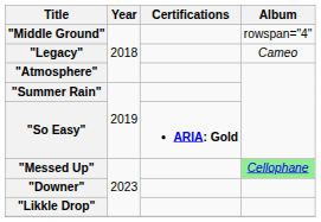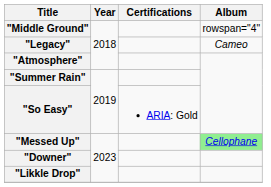 <table class="wikitable plainrowheaders" style="text-align:center;">
 <tr>
 <th>Title</th>
 <th>Year</th>
 <th>Certifications</th>
 <th>Album</th>
 </tr>
 <tr>
 <th scope="row">"Middle Ground"<br></th>
 <td rowspan="3">2018</td>
 <td></td>
 <td>rowspan="4" </td>
 </tr>
 <tr>
 <th scope="row">"Legacy"<br></th>
 <td></td>
 <td><em>Cameo</em></td>
 </tr>
 <tr>
 <th scope="row">"Atmosphere"<br></th>
 <td></td>
 </tr>
 <tr>
 <th scope="row">"Summer Rain"<br></th>
 <td rowspan="2">2019</td>
 <td></td>
 </tr>
 <tr>
 <th scope="row">"So Easy"<br></th>
-<td><strong><br><ul><li><a href='#'>ARIA</a>: Gold</li></ul></strong></td>
+<td><br><ul><li><a href='#'>ARIA</a>: Gold</li></ul></td>
 </tr>
 <tr>
 <th scope="row">"Messed Up"<br></th>
 <td rowspan="3">2023</td>
 <td></td>
 <td style="background: lightgreen;"><em><a href='#'>Cellophane</a></em></td>
 </tr>
 <tr>
 <th scope="row">"Downer"<br></th>
 <td></td>
 <td></td>
 </tr>
 <tr>
 <th scope="row">"Likkle Drop"<br></th>
 <td></td>
 <td></td>
 </tr>
 <tr>
 </tr>
 </table>
